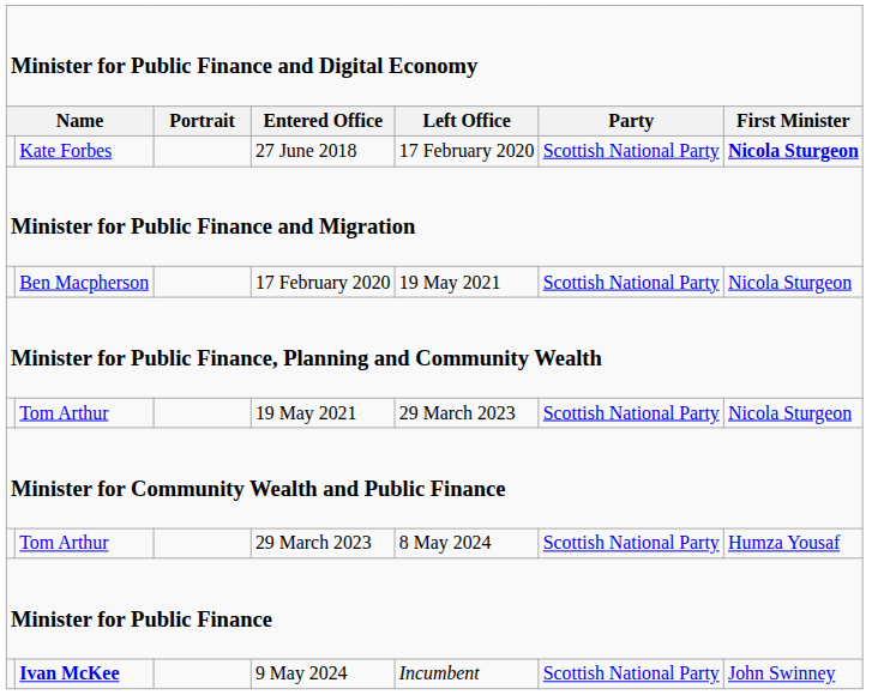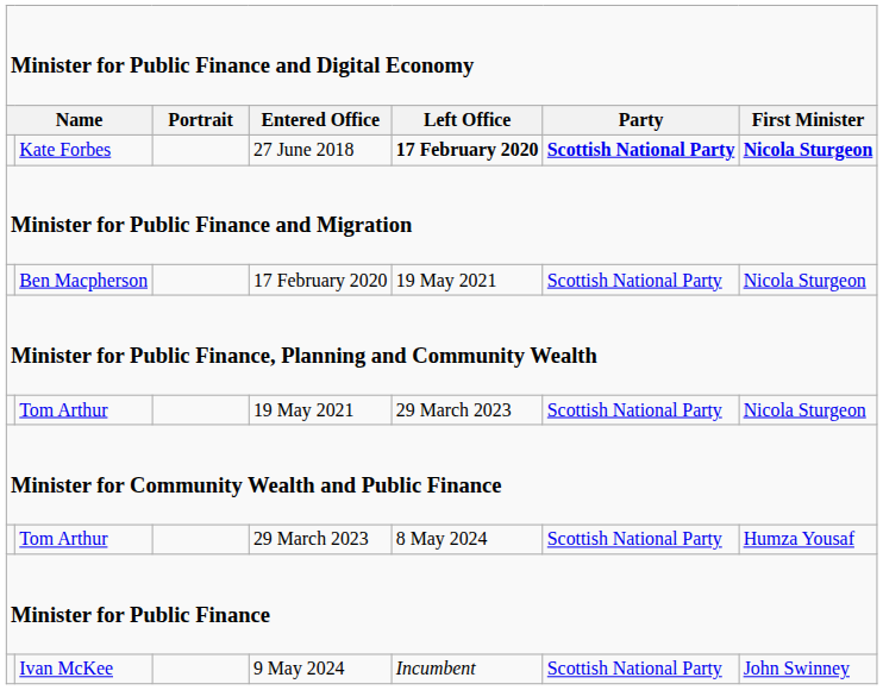 <table class="wikitable" style="margin: 0 0 0 1em; background: #f9f9f9; border: 1px #aaaaaa solid; border-collapse: collapse; ">
 <tr>
 <td colspan="8"><br><h3>Minister for Public Finance and Digital Economy</h3></td>
 </tr>
 <tr>
 <th colspan="2">Name</th>
 <th width=75>Portrait</th>
 <th>Entered Office</th>
 <th>Left Office</th>
 <th>Party</th>
 <th>First Minister</th>
 </tr>
 <tr>
 <td></td>
 <td><a href='#'>Kate Forbes</a></td>
 <td></td>
 <td>27 June 2018</td>
-<td>17 February 2020</td>
-<td><a href='#'>Scottish National Party</a></td>
+<td><strong>17 February 2020</strong></td>
+<td><strong><a href='#'>Scottish National Party</a></strong></td>
 <td><strong><a href='#'>Nicola Sturgeon</a></strong></td>
 </tr>
 <tr>
 <td colspan="7"><br><h3>Minister for Public Finance and Migration</h3></td>
 </tr>
 <tr>
 <td></td>
 <td><a href='#'>Ben Macpherson</a></td>
 <td></td>
 <td>17 February 2020</td>
 <td>19 May 2021</td>
 <td><a href='#'>Scottish National Party</a></td>
 <td><a href='#'>Nicola Sturgeon</a></td>
 </tr>
 <tr>
 <td colspan="7"><br><h3>Minister for Public Finance, Planning and Community Wealth</h3></td>
 </tr>
 <tr>
 <td></td>
 <td><a href='#'>Tom Arthur</a></td>
 <td></td>
 <td>19 May 2021</td>
 <td>29 March 2023</td>
 <td><a href='#'>Scottish National Party</a></td>
 <td><a href='#'>Nicola Sturgeon</a></td>
 </tr>
 <tr>
 <td colspan="7"><br><h3>Minister for Community Wealth and Public Finance</h3></td>
 </tr>
 <tr>
 <td></td>
 <td><a href='#'>Tom Arthur</a></td>
 <td></td>
 <td>29 March 2023</td>
 <td>8 May 2024</td>
 <td><a href='#'>Scottish National Party</a></td>
 <td><a href='#'>Humza Yousaf</a></td>
 </tr>
 <tr>
 <td colspan="7"><br><h3>Minister for Public Finance</h3></td>
 </tr>
 <tr>
 <td></td>
-<td><strong><a href='#'>Ivan McKee</a></strong></td>
+<td><a href='#'>Ivan McKee</a></td>
 <td></td>
 <td>9 May 2024</td>
 <td><em>Incumbent</em></td>
 <td><a href='#'>Scottish National Party</a></td>
 <td><a href='#'>John Swinney</a></td>
 </tr>
 </table>
